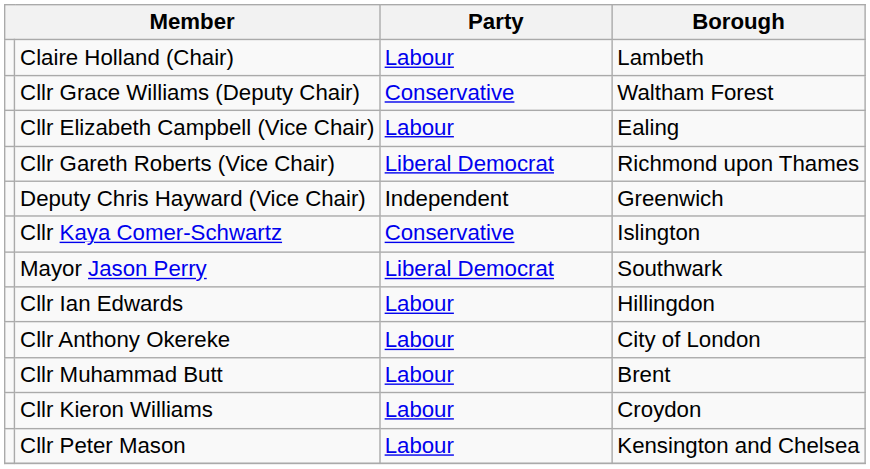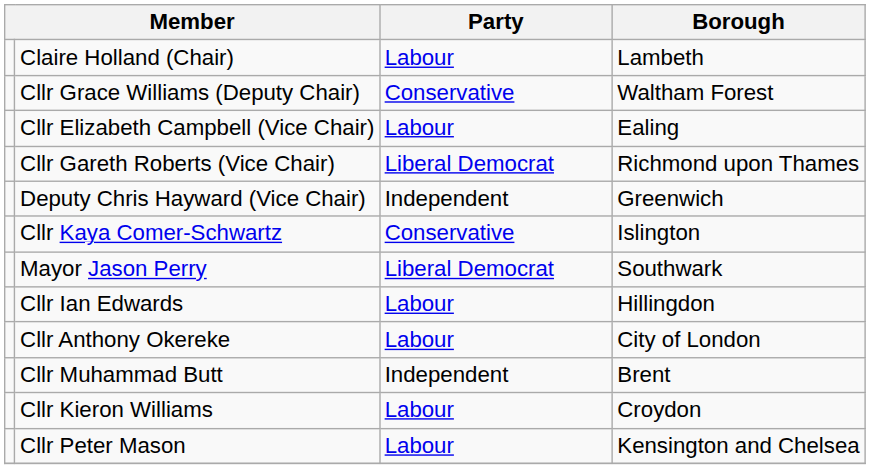 <table class="wikitable">
 <tr>
 <th width="240px" colspan="2">Member</th>
 <th width="160px" colspan="1">Party</th>
 <th width="160px" colspan="2">Borough</th>
 </tr>
 <tr>
 <td style="color:inherit;background:"></td>
 <td>Claire Holland (Chair)</td>
 <td><a href='#'>Labour</a></td>
 <td>Lambeth</td>
 </tr>
 <tr>
 <td style="color:inherit;background:"></td>
 <td>Cllr Grace Williams (Deputy Chair)</td>
 <td><a href='#'>Conservative</a></td>
 <td>Waltham Forest</td>
 </tr>
 <tr>
 <td style="color:inherit;background:"></td>
 <td>Cllr Elizabeth Campbell (Vice Chair)</td>
 <td><a href='#'>Labour</a></td>
 <td>Ealing</td>
 </tr>
 <tr>
 <td style="color:inherit;background:"></td>
 <td>Cllr Gareth Roberts (Vice Chair)</td>
 <td><a href='#'>Liberal Democrat</a></td>
 <td>Richmond upon Thames</td>
 </tr>
 <tr>
 <td style="color:inherit;background:"></td>
 <td>Deputy Chris Hayward (Vice Chair)</td>
 <td>Independent</td>
 <td>Greenwich</td>
 </tr>
 <tr>
 <td style="color:inherit;background:"></td>
 <td>Cllr <a href='#'>Kaya Comer-Schwartz</a></td>
 <td><a href='#'>Conservative</a></td>
 <td>Islington</td>
 </tr>
 <tr>
 <td style="color:inherit;background:"></td>
 <td>Mayor <a href='#'>Jason Perry</a></td>
 <td><a href='#'>Liberal Democrat</a></td>
 <td>Southwark</td>
 </tr>
 <tr>
 <td style="color:inherit;background:"></td>
 <td>Cllr Ian Edwards</td>
 <td><a href='#'>Labour</a></td>
 <td>Hillingdon</td>
 </tr>
 <tr>
 <td style="color:inherit;background:"></td>
 <td>Cllr Anthony Okereke</td>
 <td><a href='#'>Labour</a></td>
 <td>City of London</td>
 </tr>
 <tr>
 <td style="color:inherit;background:"></td>
 <td>Cllr Muhammad Butt</td>
-<td><a href='#'>Labour</a></td>
+<td>Independent</td>
 <td>Brent</td>
 </tr>
 <tr>
 <td style="color:inherit;background:"></td>
 <td>Cllr Kieron Williams</td>
 <td><a href='#'>Labour</a></td>
 <td>Croydon</td>
 </tr>
 <tr>
 <td style="color:inherit;background:"></td>
 <td>Cllr Peter Mason</td>
 <td><a href='#'>Labour</a></td>
 <td>Kensington and Chelsea</td>
 </tr>
 <tr>
 </tr>
 </table>
